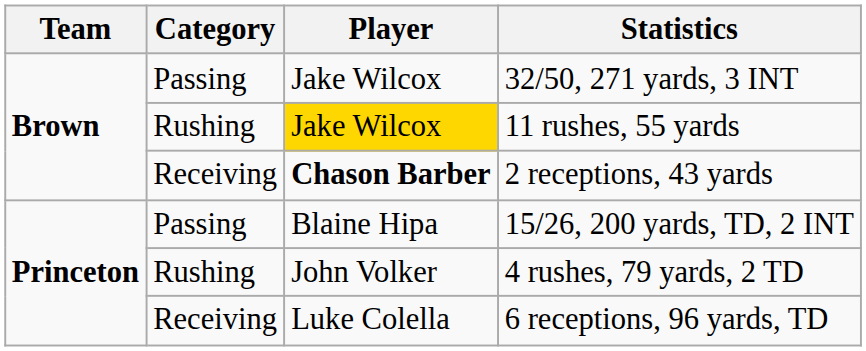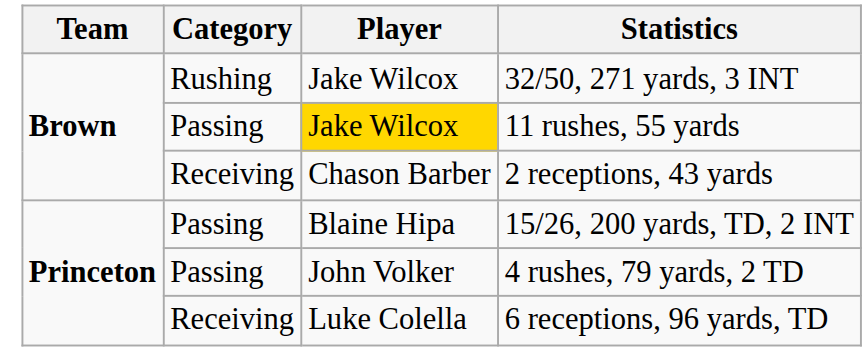 <table class="wikitable" style="float: right;">
 <tr>
 <th>Team</th>
 <th>Category</th>
 <th>Player</th>
 <th>Statistics</th>
 </tr>
 <tr>
 <td rowspan=3><strong>Brown</strong></td>
-<td>Passing</td>
+<td>Rushing</td>
 <td>Jake Wilcox</td>
 <td>32/50, 271 yards, 3 INT</td>
 </tr>
 <tr>
-<td>Rushing</td>
+<td>Passing</td>
 <td style="background: gold;">Jake Wilcox</td>
 <td>11 rushes, 55 yards</td>
 </tr>
 <tr>
 <td>Receiving</td>
-<td><strong>Chason Barber</strong></td>
+<td>Chason Barber</td>
 <td>2 receptions, 43 yards</td>
 </tr>
 <tr>
 <td rowspan=3><strong>Princeton</strong></td>
 <td>Passing</td>
 <td>Blaine Hipa</td>
 <td>15/26, 200 yards, TD, 2 INT</td>
 </tr>
 <tr>
-<td>Rushing</td>
+<td>Passing</td>
 <td>John Volker</td>
 <td>4 rushes, 79 yards, 2 TD</td>
 </tr>
 <tr>
 <td>Receiving</td>
 <td>Luke Colella</td>
 <td>6 receptions, 96 yards, TD</td>
 </tr>
 </table>
